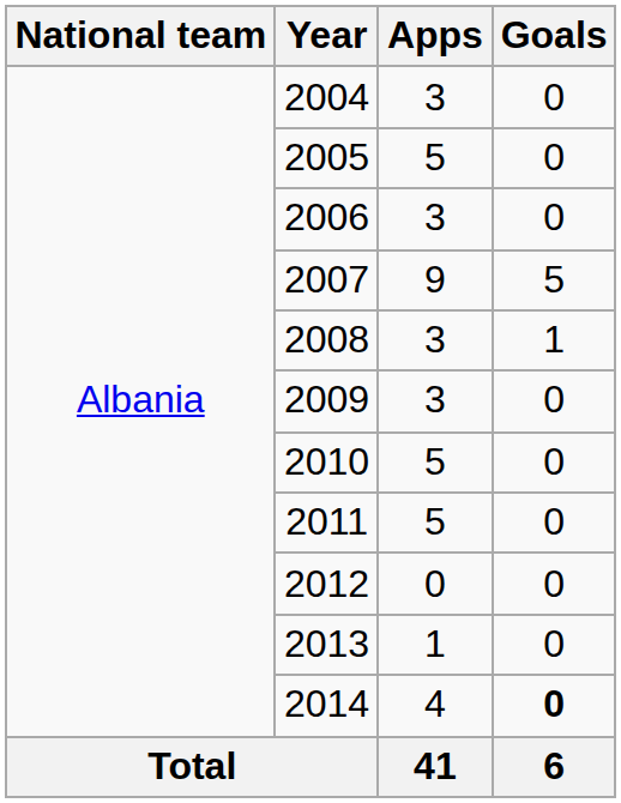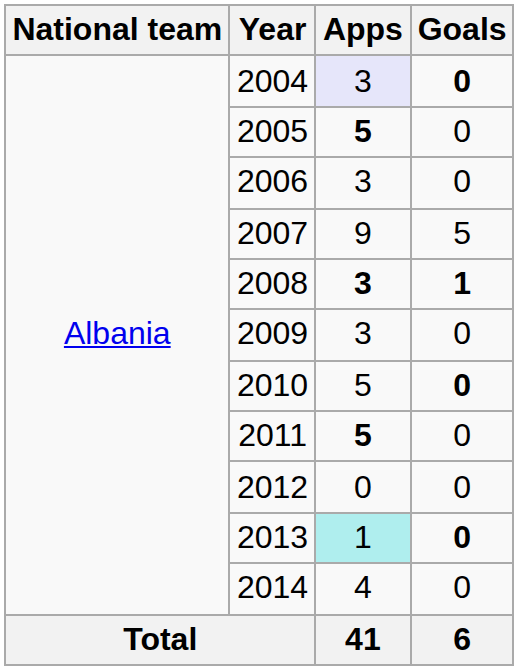 <table class="wikitable" style="text-align:center">
 <tr>
 <th>National team</th>
 <th>Year</th>
 <th>Apps</th>
 <th>Goals</th>
 </tr>
 <tr>
 <td rowspan="11"><a href='#'>Albania</a></td>
 <td>2004</td>
-<td>3</td>
-<td>0</td>
+<td style="background: lavender;">3</td>
+<td><strong>0</strong></td>
 </tr>
 <tr>
 <td>2005</td>
-<td>5</td>
+<td><strong>5</strong></td>
 <td>0</td>
 </tr>
 <tr>
 <td>2006</td>
 <td>3</td>
 <td>0</td>
 </tr>
 <tr>
 <td>2007</td>
 <td>9</td>
 <td>5</td>
 </tr>
 <tr>
 <td>2008</td>
-<td>3</td>
-<td>1</td>
+<td><strong>3</strong></td>
+<td><strong>1</strong></td>
 </tr>
 <tr>
 <td>2009</td>
 <td>3</td>
 <td>0</td>
 </tr>
 <tr>
 <td>2010</td>
 <td>5</td>
-<td>0</td>
+<td><strong>0</strong></td>
 </tr>
 <tr>
 <td>2011</td>
-<td>5</td>
+<td><strong>5</strong></td>
 <td>0</td>
 </tr>
 <tr>
 <td>2012</td>
 <td>0</td>
 <td>0</td>
 </tr>
 <tr>
 <td>2013</td>
-<td>1</td>
-<td>0</td>
+<td style="background: paleturquoise;">1</td>
+<td><strong>0</strong></td>
 </tr>
 <tr>
 <td>2014</td>
 <td>4</td>
-<td><strong>0</strong></td>
+<td>0</td>
 </tr>
 <tr>
 <th colspan="2">Total</th>
 <th>41</th>
 <th>6</th>
 </tr>
 </table>
